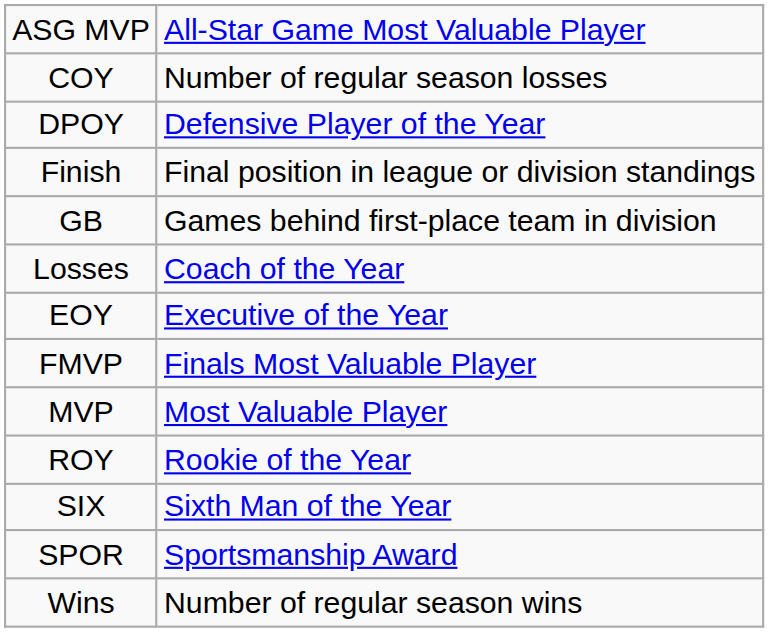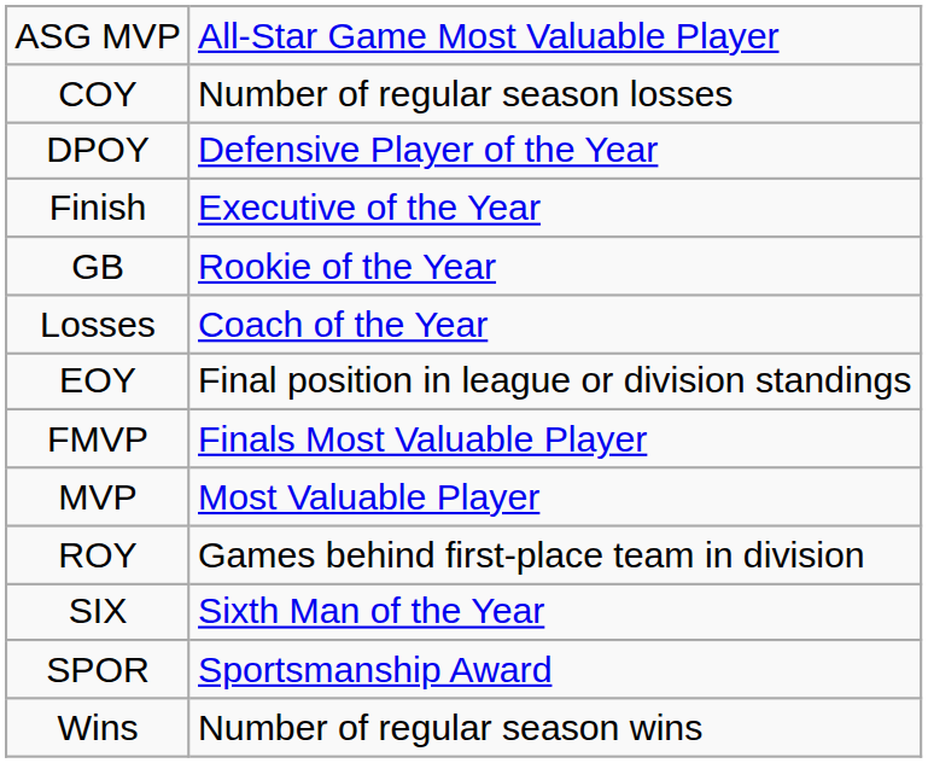 <table class="wikitable" style="font-size:90%">
 <tr>
 <td align=center>ASG MVP</td>
 <td><a href='#'>All-Star Game Most Valuable Player</a></td>
 </tr>
 <tr>
 <td align=center>COY</td>
 <td>Number of regular season losses</td>
 </tr>
 <tr>
 <td align=center>DPOY</td>
 <td><a href='#'>Defensive Player of the Year</a></td>
 </tr>
 <tr>
 <td align=center>Finish</td>
-<td>Final position in league or division standings</td>
+<td><a href='#'>Executive of the Year</a></td>
 </tr>
 <tr>
 <td align=center>GB</td>
-<td>Games behind first-place team in division</td>
+<td><a href='#'>Rookie of the Year</a></td>
 </tr>
 <tr>
 <td align=center>Losses</td>
 <td><a href='#'>Coach of the Year</a></td>
 </tr>
 <tr>
 <td align=center>EOY</td>
-<td><a href='#'>Executive of the Year</a></td>
+<td>Final position in league or division standings</td>
 </tr>
 <tr>
 <td align=center>FMVP</td>
 <td><a href='#'>Finals Most Valuable Player</a></td>
 </tr>
 <tr>
 <td align=center>MVP</td>
 <td><a href='#'>Most Valuable Player</a></td>
 </tr>
 <tr>
 <td align=center>ROY</td>
-<td><a href='#'>Rookie of the Year</a></td>
+<td>Games behind first-place team in division</td>
 </tr>
 <tr>
 <td align=center>SIX</td>
 <td><a href='#'>Sixth Man of the Year</a></td>
 </tr>
 <tr>
 <td align=center>SPOR</td>
 <td><a href='#'>Sportsmanship Award</a></td>
 </tr>
 <tr>
 <td align=center>Wins</td>
 <td>Number of regular season wins</td>
 </tr>
 </table>
